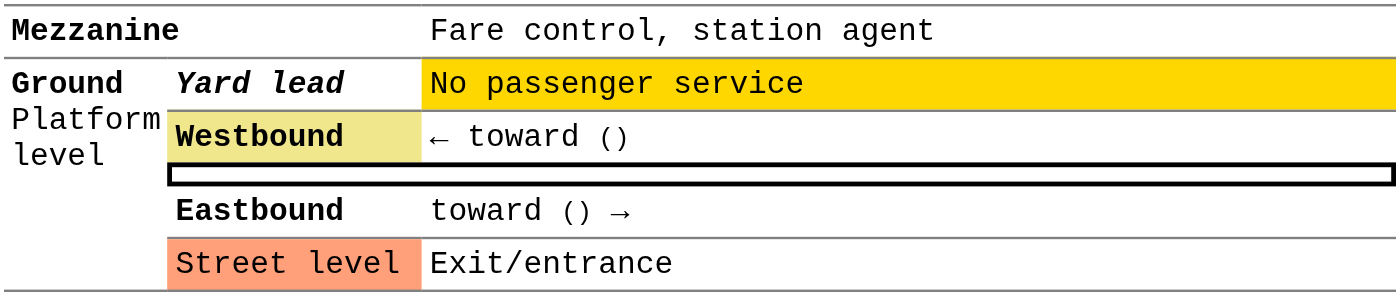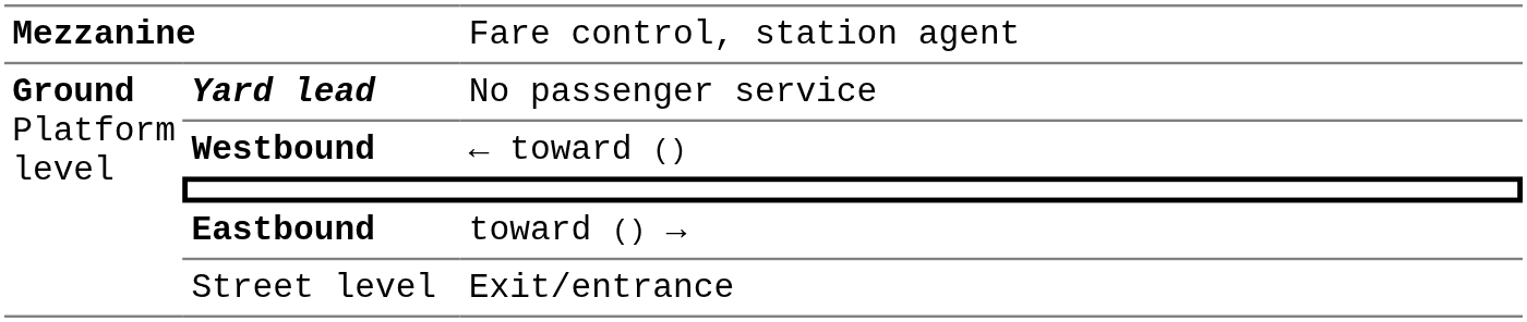 <table border=0 cellspacing=0 cellpadding=3>
 <tr>
 <td style="border-top:solid 1px gray;" colspan=2><strong>Mezzanine</strong></td>
 <td style="border-top:solid 1px gray;" width=400>Fare control, station agent</td>
 </tr>
 <tr>
 <td style="border-bottom:solid 1px gray;border-top:solid 1px gray;" rowspan=6 width=50 valign=top><strong>Ground</strong><br>Platform level</td>
 </tr>
 <tr>
 <td style="border-top:solid 1px gray;" width=100><span><strong><em>Yard lead</em></strong></span></td>
-<td style="background: gold; border-top:solid 1px gray;">No passenger service</td>
+<td style="border-top:solid 1px gray;">No passenger service</td>
 </tr>
 <tr>
-<td style="background: khaki; border-top:solid 1px gray;"><span><strong>Westbound</strong></span></td>
+<td style="border-top:solid 1px gray;"><span><strong>Westbound</strong></span></td>
 <td style="border-top:solid 1px gray;">←  toward  <small>()</small></td>
 </tr>
 <tr>
 <td style="border-bottom:solid 2px black;border-right:solid 2px black;border-left:solid 2px black;border-top:solid 2px black;text-align:center;" colspan=2></td>
 </tr>
 <tr>
 <td style="border-bottom:solid 1px gray;"><span><strong>Eastbound</strong></span></td>
 <td style="border-bottom:solid 1px gray;">  toward  <small>()</small> →</td>
 </tr>
 <tr>
-<td style="background: lightsalmon; border-bottom:solid 1px gray;">Street level</td>
+<td style="border-bottom:solid 1px gray;">Street level</td>
 <td style="border-bottom:solid 1px gray;">Exit/entrance</td>
 </tr>
 </table>
